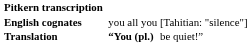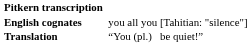 <table>
 <tr>
 <td><strong>Pitkern transcription</strong></td>
 <td></td>
 <td></td>
 <td></td>
 </tr>
 <tr>
 <td><strong>English cognates</strong></td>
 <td></td>
 <td>you all you</td>
 <td>[Tahitian: "silence"]</td>
 </tr>
 <tr>
 <td><strong>Translation</strong></td>
 <td></td>
-<td><strong>“You (pl.)</strong></td>
+<td>“You (pl.)</td>
 <td>be quiet!”</td>
 </tr>
 </table>
